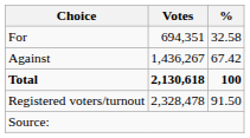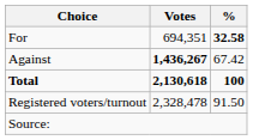 <table class=wikitable style=text-align:right>
 <tr>
 <th>Choice</th>
 <th>Votes</th>
 <th>%</th>
 </tr>
 <tr>
 <td align=left>For</td>
 <td>694,351</td>
-<td>32.58</td>
+<td><strong>32.58</strong></td>
 </tr>
 <tr>
 <td align=left>Against</td>
-<td>1,436,267</td>
+<td><strong>1,436,267</strong></td>
 <td>67.42</td>
 </tr>
 <tr>
 <td align=left><strong>Total</strong></td>
 <td><strong>2,130,618</strong></td>
 <td><strong>100</strong></td>
 </tr>
 <tr>
 <td align=left>Registered voters/turnout</td>
 <td>2,328,478</td>
 <td>91.50</td>
 </tr>
 <tr>
 <td align=left colspan=3>Source: </td>
 </tr>
 </table>
